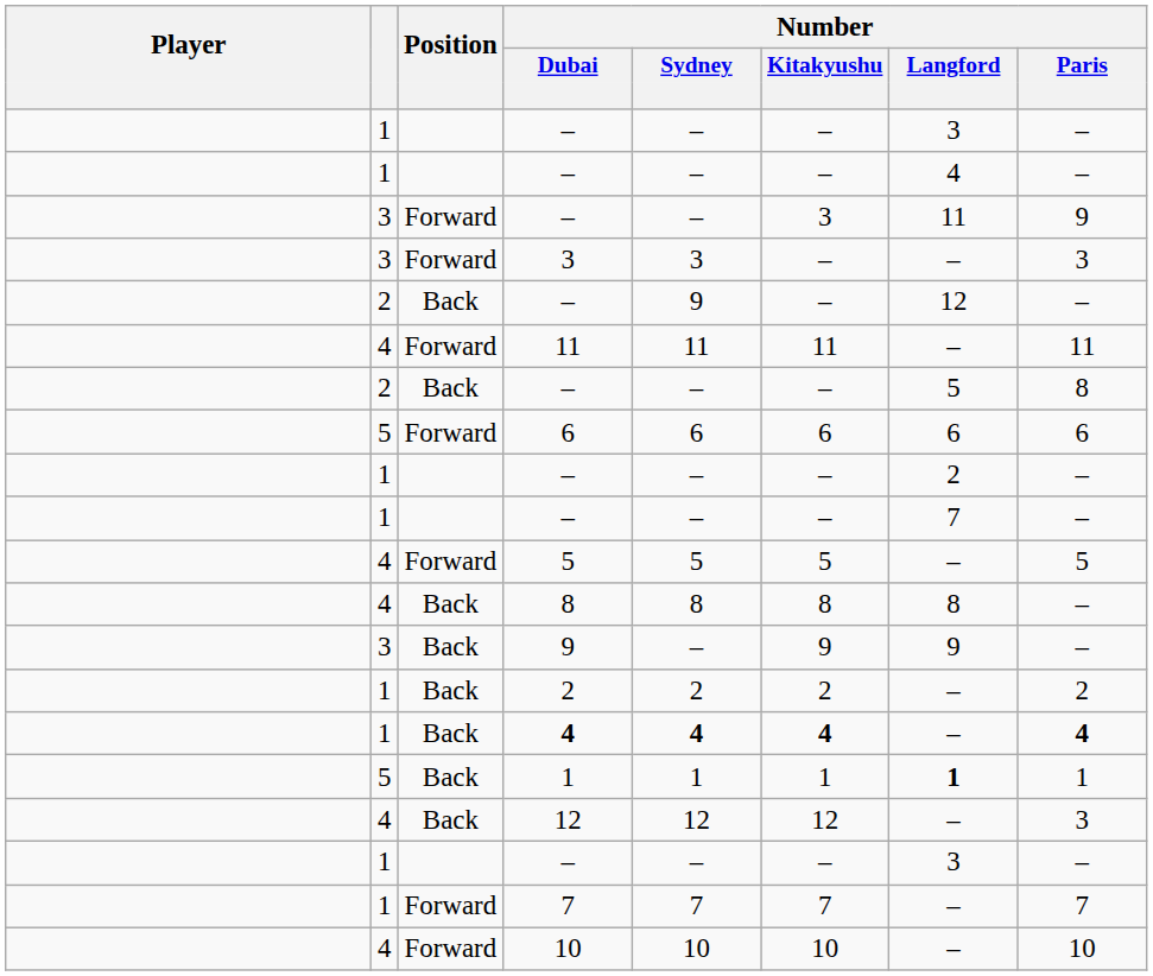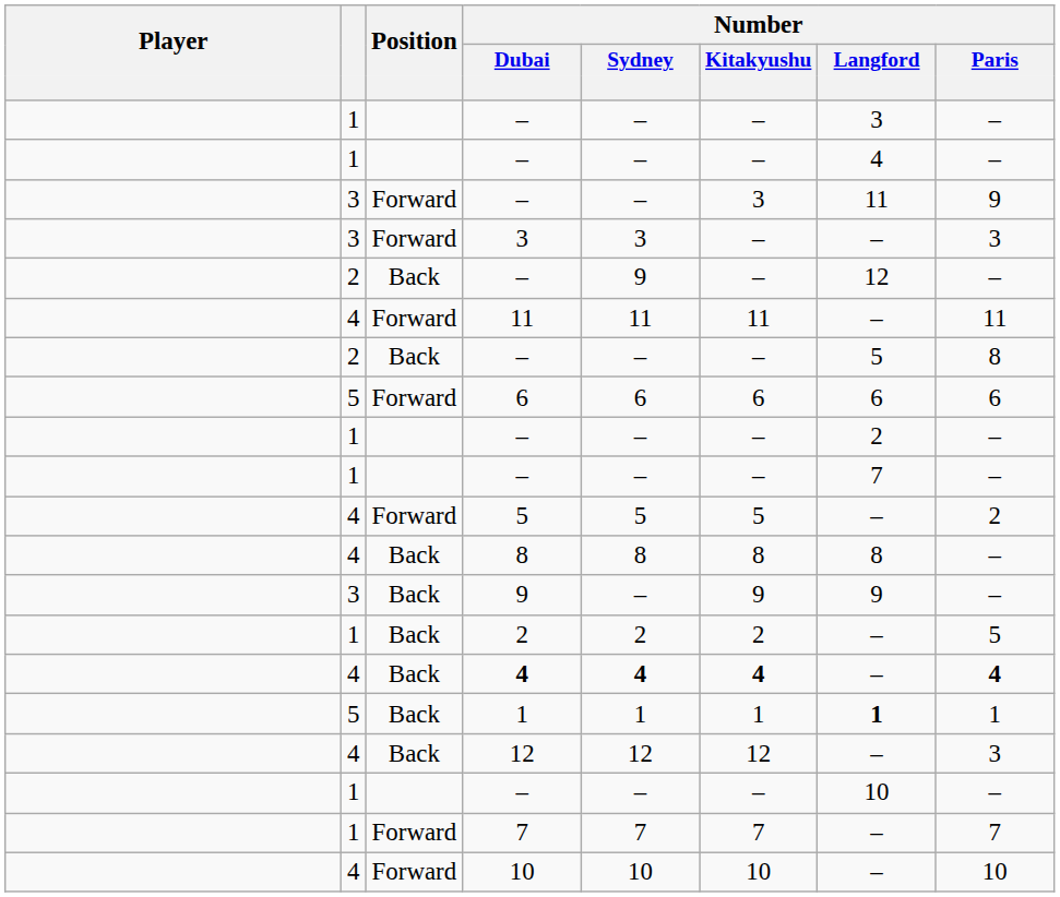 <table class="wikitable sortable" style="text-align:center;">
 <tr>
 <th rowspan="2" style="border-bottom:0; width:13em;">Player</th>
 <th rowspan="2" style="border-bottom:0;"></th>
 <th rowspan="2" style="border-bottom:0;">Position</th>
 <th colspan=5>Number</th>
 </tr>
 <tr>
 <th style="vertical-align:top; width:5.2em; border-bottom:0; padding:2px; font-size:85%;"><a href='#'>Dubai</a></th>
 <th style="vertical-align:top; width:5.2em; border-bottom:0; padding:2px; font-size:85%;"><a href='#'>Sydney</a></th>
 <th style="vertical-align:top; width:5.2em; border-bottom:0; padding:2px; font-size:85%;"><a href='#'>Kitakyushu</a></th>
 <th style="vertical-align:top; width:5.2em; border-bottom:0; padding:2px; font-size:85%;"><a href='#'>Langford</a></th>
 <th style="vertical-align:top; width:5.2em; border-bottom:0; padding:2px; font-size:85%;"><a href='#'>Paris</a></th>
 </tr>
 <tr style="line-height:8px;">
 <th style="border-top:0;"> </th>
 <th style="border-top:0;"></th>
 <th style="border-top:0;"></th>
 <th data-sort-type="number" style="border-top:0;"></th>
 <th data-sort-type="number" style="border-top:0;"></th>
 <th data-sort-type="number" style="border-top:0;"></th>
 <th data-sort-type="number" style="border-top:0;"></th>
 <th data-sort-type="number" style="border-top:0;"></th>
 </tr>
 <tr>
 <td align=left></td>
 <td>1</td>
 <td></td>
 <td>–</td>
 <td>–</td>
 <td>–</td>
 <td>3</td>
 <td>–</td>
 </tr>
 <tr>
 <td align=left></td>
 <td>1</td>
 <td></td>
 <td>–</td>
 <td>–</td>
 <td>–</td>
 <td>4</td>
 <td>–</td>
 </tr>
 <tr>
 <td align=left></td>
 <td>3</td>
 <td>Forward</td>
 <td>–</td>
 <td>–</td>
 <td>3</td>
 <td>11</td>
 <td>9</td>
 </tr>
 <tr>
 <td align=left></td>
 <td>3</td>
 <td>Forward</td>
 <td>3</td>
 <td>3</td>
 <td>–</td>
 <td>–</td>
 <td>3</td>
 </tr>
 <tr>
 <td align=left></td>
 <td>2</td>
 <td>Back</td>
 <td>–</td>
 <td>9</td>
 <td>–</td>
 <td>12</td>
 <td>–</td>
 </tr>
 <tr>
 <td align=left></td>
 <td>4</td>
 <td>Forward</td>
 <td>11</td>
 <td>11</td>
 <td>11</td>
 <td>–</td>
 <td>11</td>
 </tr>
 <tr>
 <td align=left></td>
 <td>2</td>
 <td>Back</td>
 <td>–</td>
 <td>–</td>
 <td>–</td>
 <td>5</td>
 <td>8</td>
 </tr>
 <tr>
 <td align=left></td>
 <td>5</td>
 <td>Forward</td>
 <td>6</td>
 <td>6</td>
 <td>6</td>
 <td>6</td>
 <td>6</td>
 </tr>
 <tr>
 <td align=left></td>
 <td>1</td>
 <td></td>
 <td>–</td>
 <td>–</td>
 <td>–</td>
 <td>2</td>
 <td>–</td>
 </tr>
 <tr>
 <td align=left></td>
 <td>1</td>
 <td></td>
 <td>–</td>
 <td>–</td>
 <td>–</td>
 <td>7</td>
 <td>–</td>
 </tr>
 <tr>
 <td align=left></td>
 <td>4</td>
 <td>Forward</td>
 <td>5</td>
 <td>5</td>
 <td>5</td>
 <td>–</td>
-<td>5</td>
+<td>2</td>
 </tr>
 <tr>
 <td align=left></td>
 <td>4</td>
 <td>Back</td>
 <td>8</td>
 <td>8</td>
 <td>8</td>
 <td>8</td>
 <td>–</td>
 </tr>
 <tr>
 <td align=left></td>
 <td>3</td>
 <td>Back</td>
 <td>9</td>
 <td>–</td>
 <td>9</td>
 <td>9</td>
 <td>–</td>
 </tr>
 <tr>
 <td align=left></td>
 <td>1</td>
 <td>Back</td>
 <td>2</td>
 <td>2</td>
 <td>2</td>
 <td>–</td>
-<td>2</td>
+<td>5</td>
 </tr>
 <tr>
 <td align=left></td>
-<td>1</td>
+<td>4</td>
 <td>Back</td>
 <td><strong>4</strong></td>
 <td><strong>4</strong></td>
 <td><strong>4</strong></td>
 <td>–</td>
 <td><strong>4</strong></td>
 </tr>
 <tr>
 <td align=left></td>
 <td>5</td>
 <td>Back</td>
 <td>1</td>
 <td>1</td>
 <td>1</td>
 <td><strong>1</strong></td>
 <td>1</td>
 </tr>
 <tr>
 <td align=left></td>
 <td>4</td>
 <td>Back</td>
 <td>12</td>
 <td>12</td>
 <td>12</td>
 <td>–</td>
 <td>3</td>
 </tr>
 <tr>
 <td align=left></td>
 <td>1</td>
 <td></td>
 <td>–</td>
 <td>–</td>
 <td>–</td>
-<td>3</td>
+<td>10</td>
 <td>–</td>
 </tr>
 <tr>
 <td align=left></td>
 <td>1</td>
 <td>Forward</td>
 <td>7</td>
 <td>7</td>
 <td>7</td>
 <td>–</td>
 <td>7</td>
 </tr>
 <tr>
 <td align=left></td>
 <td>4</td>
 <td>Forward</td>
 <td>10</td>
 <td>10</td>
 <td>10</td>
 <td>–</td>
 <td>10</td>
 </tr>
 </table>
